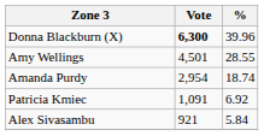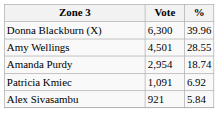 <table class="wikitable">
 <tr>
 <th bgcolor="#DDDDFF" width="200px">Zone 3</th>
 <th bgcolor="#DDDDFF" width="50px">Vote</th>
 <th bgcolor="#DDDDFF" width="30px">%</th>
 </tr>
 <tr>
 <td>Donna Blackburn (X)</td>
-<td><strong>6,300</strong></td>
+<td>6,300</td>
 <td>39.96</td>
 </tr>
 <tr>
 <td>Amy Wellings</td>
 <td>4,501</td>
 <td>28.55</td>
 </tr>
 <tr>
 <td>Amanda Purdy</td>
 <td>2,954</td>
 <td>18.74</td>
 </tr>
 <tr>
 <td>Patricia Kmiec</td>
 <td>1,091</td>
 <td>6.92</td>
 </tr>
 <tr>
 <td>Alex Sivasambu</td>
 <td>921</td>
 <td>5.84</td>
 </tr>
 <tr>
 </tr>
 </table>
